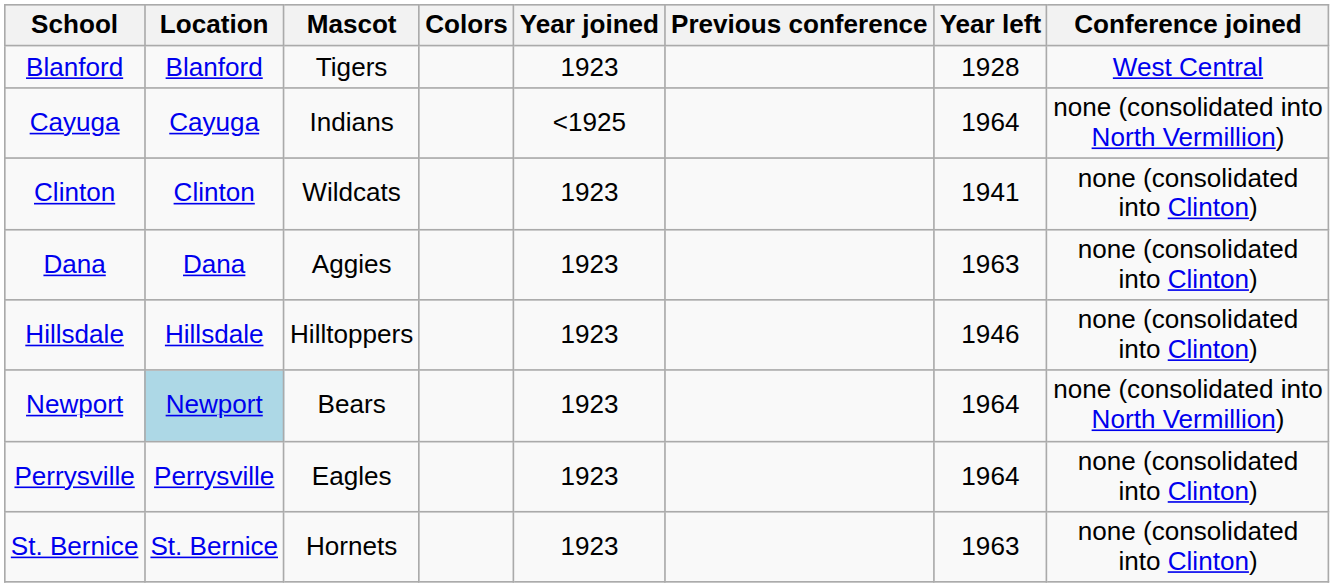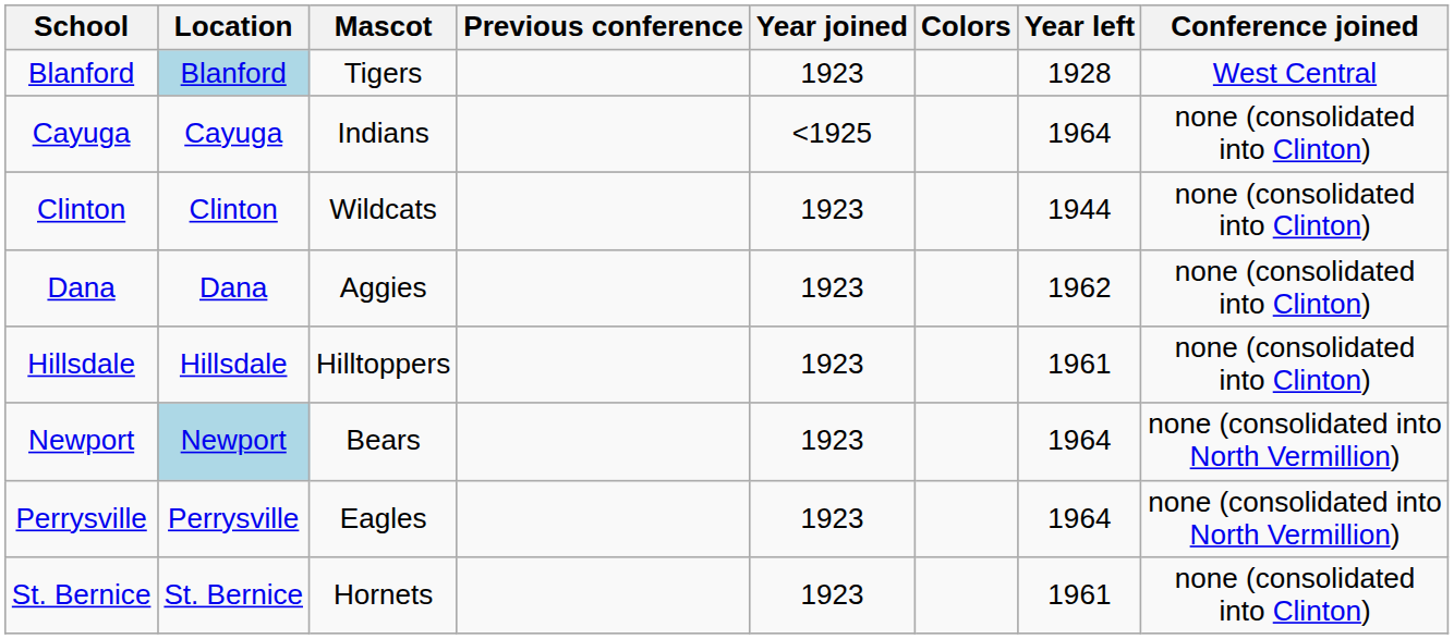 <table class="wikitable" style="text-align:center;">
 <tr>
 <th>School</th>
 <th>Location</th>
 <th>Mascot</th>
+<th>Previous conference</th>
+<th>Year joined</th>
 <th>Colors</th>
-<th>Year joined</th>
-<th>Previous conference</th>
 <th>Year left</th>
 <th>Conference joined</th>
 </tr>
 <tr>
 <td><a href='#'>Blanford</a></td>
-<td><a href='#'>Blanford</a></td>
+<td style="background: lightblue;"><a href='#'>Blanford</a></td>
 <td>Tigers</td>
+<td></td>
+<td>1923</td>
 <td> </td>
-<td>1923</td>
-<td></td>
 <td>1928</td>
 <td><a href='#'>West Central</a></td>
 </tr>
 <tr>
 <td><a href='#'>Cayuga</a></td>
 <td><a href='#'>Cayuga</a></td>
 <td>Indians</td>
+<td></td>
+<td><1925</td>
 <td> </td>
-<td><1925</td>
-<td></td>
 <td>1964</td>
-<td>none (consolidated into<br><a href='#'>North Vermillion</a>)</td>
+<td>none (consolidated<br>into <a href='#'>Clinton</a>)</td>
 </tr>
 <tr>
 <td><a href='#'>Clinton</a></td>
 <td><a href='#'>Clinton</a></td>
 <td>Wildcats</td>
+<td></td>
+<td>1923</td>
 <td> </td>
-<td>1923</td>
-<td></td>
-<td>1941</td>
+<td>1944</td>
 <td>none (consolidated<br>into <a href='#'>Clinton</a>)</td>
 </tr>
 <tr>
 <td><a href='#'>Dana</a></td>
 <td><a href='#'>Dana</a></td>
 <td>Aggies</td>
+<td></td>
+<td>1923</td>
 <td> </td>
-<td>1923</td>
-<td></td>
-<td>1963</td>
+<td>1962</td>
 <td>none (consolidated<br>into <a href='#'>Clinton</a>)</td>
 </tr>
 <tr>
 <td><a href='#'>Hillsdale</a></td>
 <td><a href='#'>Hillsdale</a></td>
 <td>Hilltoppers</td>
+<td></td>
+<td>1923</td>
 <td> </td>
-<td>1923</td>
-<td></td>
-<td>1946</td>
+<td>1961</td>
 <td>none (consolidated<br>into <a href='#'>Clinton</a>)</td>
 </tr>
 <tr>
 <td><a href='#'>Newport</a></td>
 <td style="background: lightblue;"><a href='#'>Newport</a></td>
 <td>Bears</td>
+<td></td>
+<td>1923</td>
 <td> </td>
-<td>1923</td>
-<td></td>
 <td>1964</td>
 <td>none (consolidated into<br><a href='#'>North Vermillion</a>)</td>
 </tr>
 <tr>
 <td><a href='#'>Perrysville</a></td>
 <td><a href='#'>Perrysville</a></td>
 <td>Eagles</td>
+<td></td>
+<td>1923</td>
 <td> </td>
-<td>1923</td>
-<td></td>
 <td>1964</td>
-<td>none (consolidated<br>into <a href='#'>Clinton</a>)</td>
+<td>none (consolidated into<br><a href='#'>North Vermillion</a>)</td>
 </tr>
 <tr>
 <td><a href='#'>St. Bernice</a></td>
 <td><a href='#'>St. Bernice</a></td>
 <td>Hornets</td>
+<td></td>
+<td>1923</td>
 <td> </td>
-<td>1923</td>
-<td></td>
-<td>1963</td>
+<td>1961</td>
 <td>none (consolidated<br>into <a href='#'>Clinton</a>)</td>
 </tr>
 </table>
